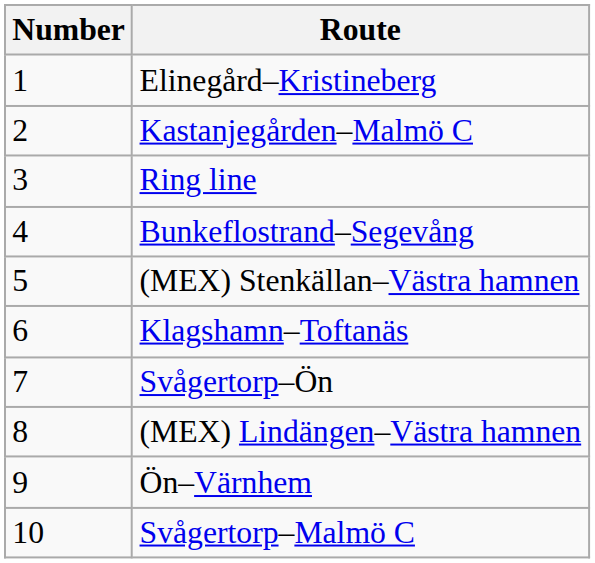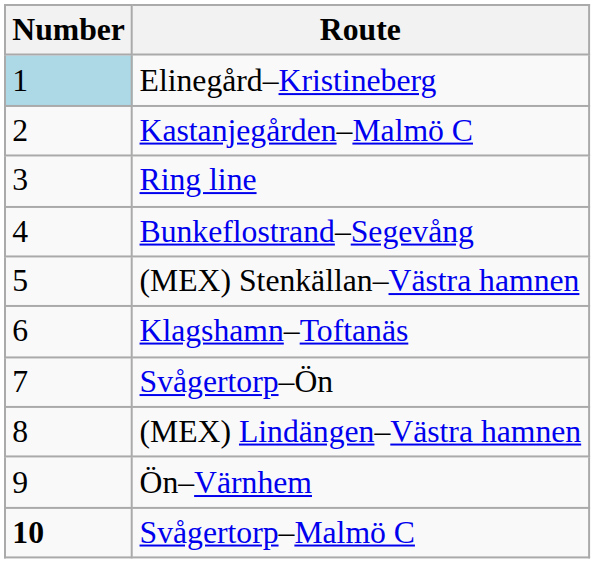 <table class="wikitable">
 <tr>
 <th>Number</th>
 <th>Route</th>
 </tr>
 <tr>
-<td>1</td>
+<td style="background: lightblue;">1</td>
 <td>Elinegård–<a href='#'>Kristineberg</a></td>
 </tr>
 <tr>
 <td>2</td>
 <td><a href='#'>Kastanjegården</a>–<a href='#'>Malmö C</a></td>
 </tr>
 <tr>
 <td>3</td>
 <td><a href='#'>Ring line</a></td>
 </tr>
 <tr>
 <td>4</td>
 <td><a href='#'>Bunkeflostrand</a>–<a href='#'>Segevång</a></td>
 </tr>
 <tr>
 <td>5</td>
 <td>(MEX) Stenkällan–<a href='#'>Västra hamnen</a></td>
 </tr>
 <tr>
 <td>6</td>
 <td><a href='#'>Klagshamn</a>–<a href='#'>Toftanäs</a></td>
 </tr>
 <tr>
 <td>7</td>
 <td><a href='#'>Svågertorp</a>–Ön</td>
 </tr>
 <tr>
 <td>8</td>
 <td>(MEX) <a href='#'>Lindängen</a>–<a href='#'>Västra hamnen</a></td>
 </tr>
 <tr>
 <td>9</td>
 <td>Ön–<a href='#'>Värnhem</a></td>
 </tr>
 <tr>
-<td>10</td>
+<td><strong>10</strong></td>
 <td><a href='#'>Svågertorp</a>–<a href='#'>Malmö C</a></td>
 </tr>
 </table>
